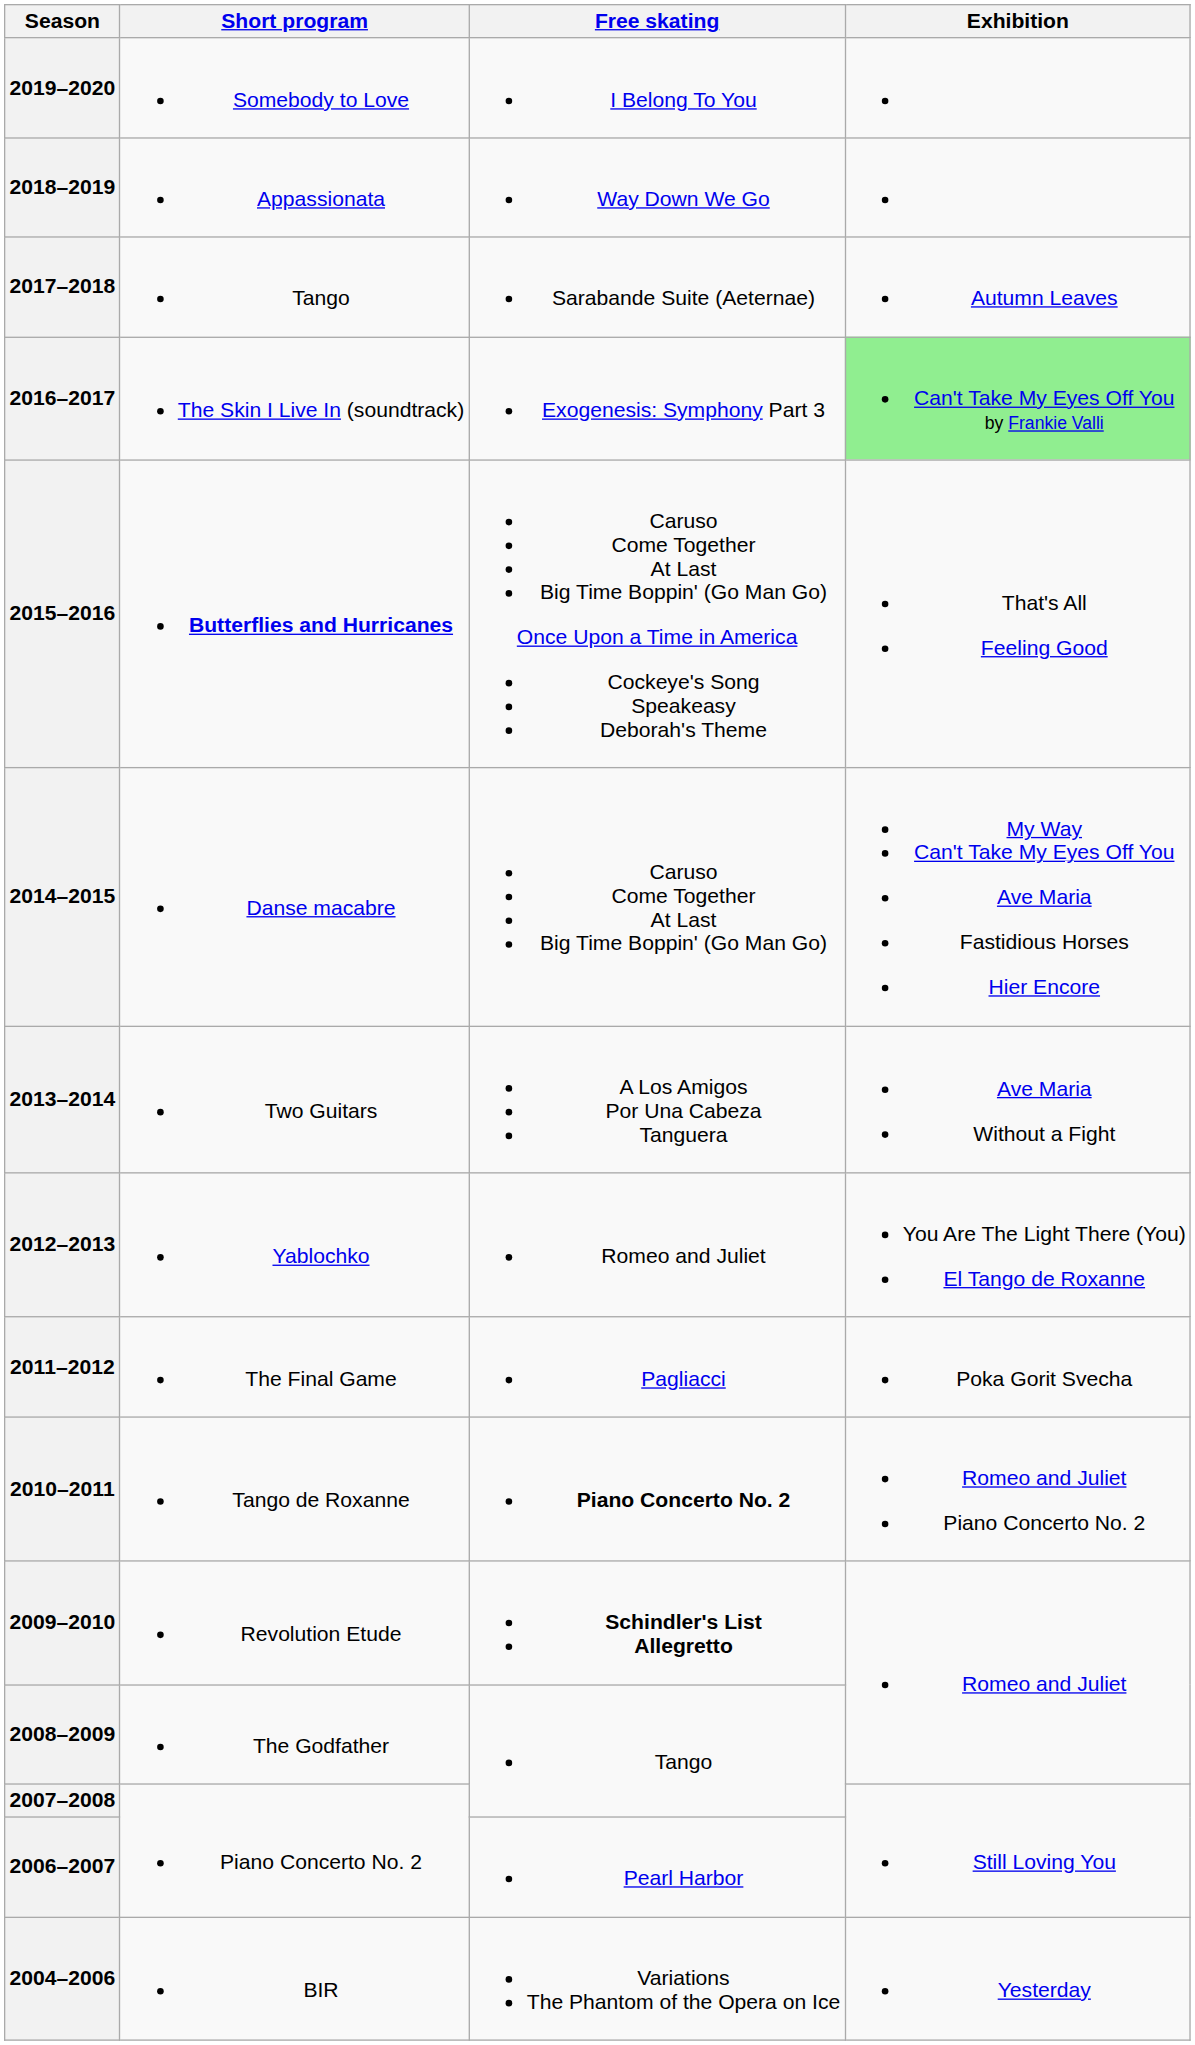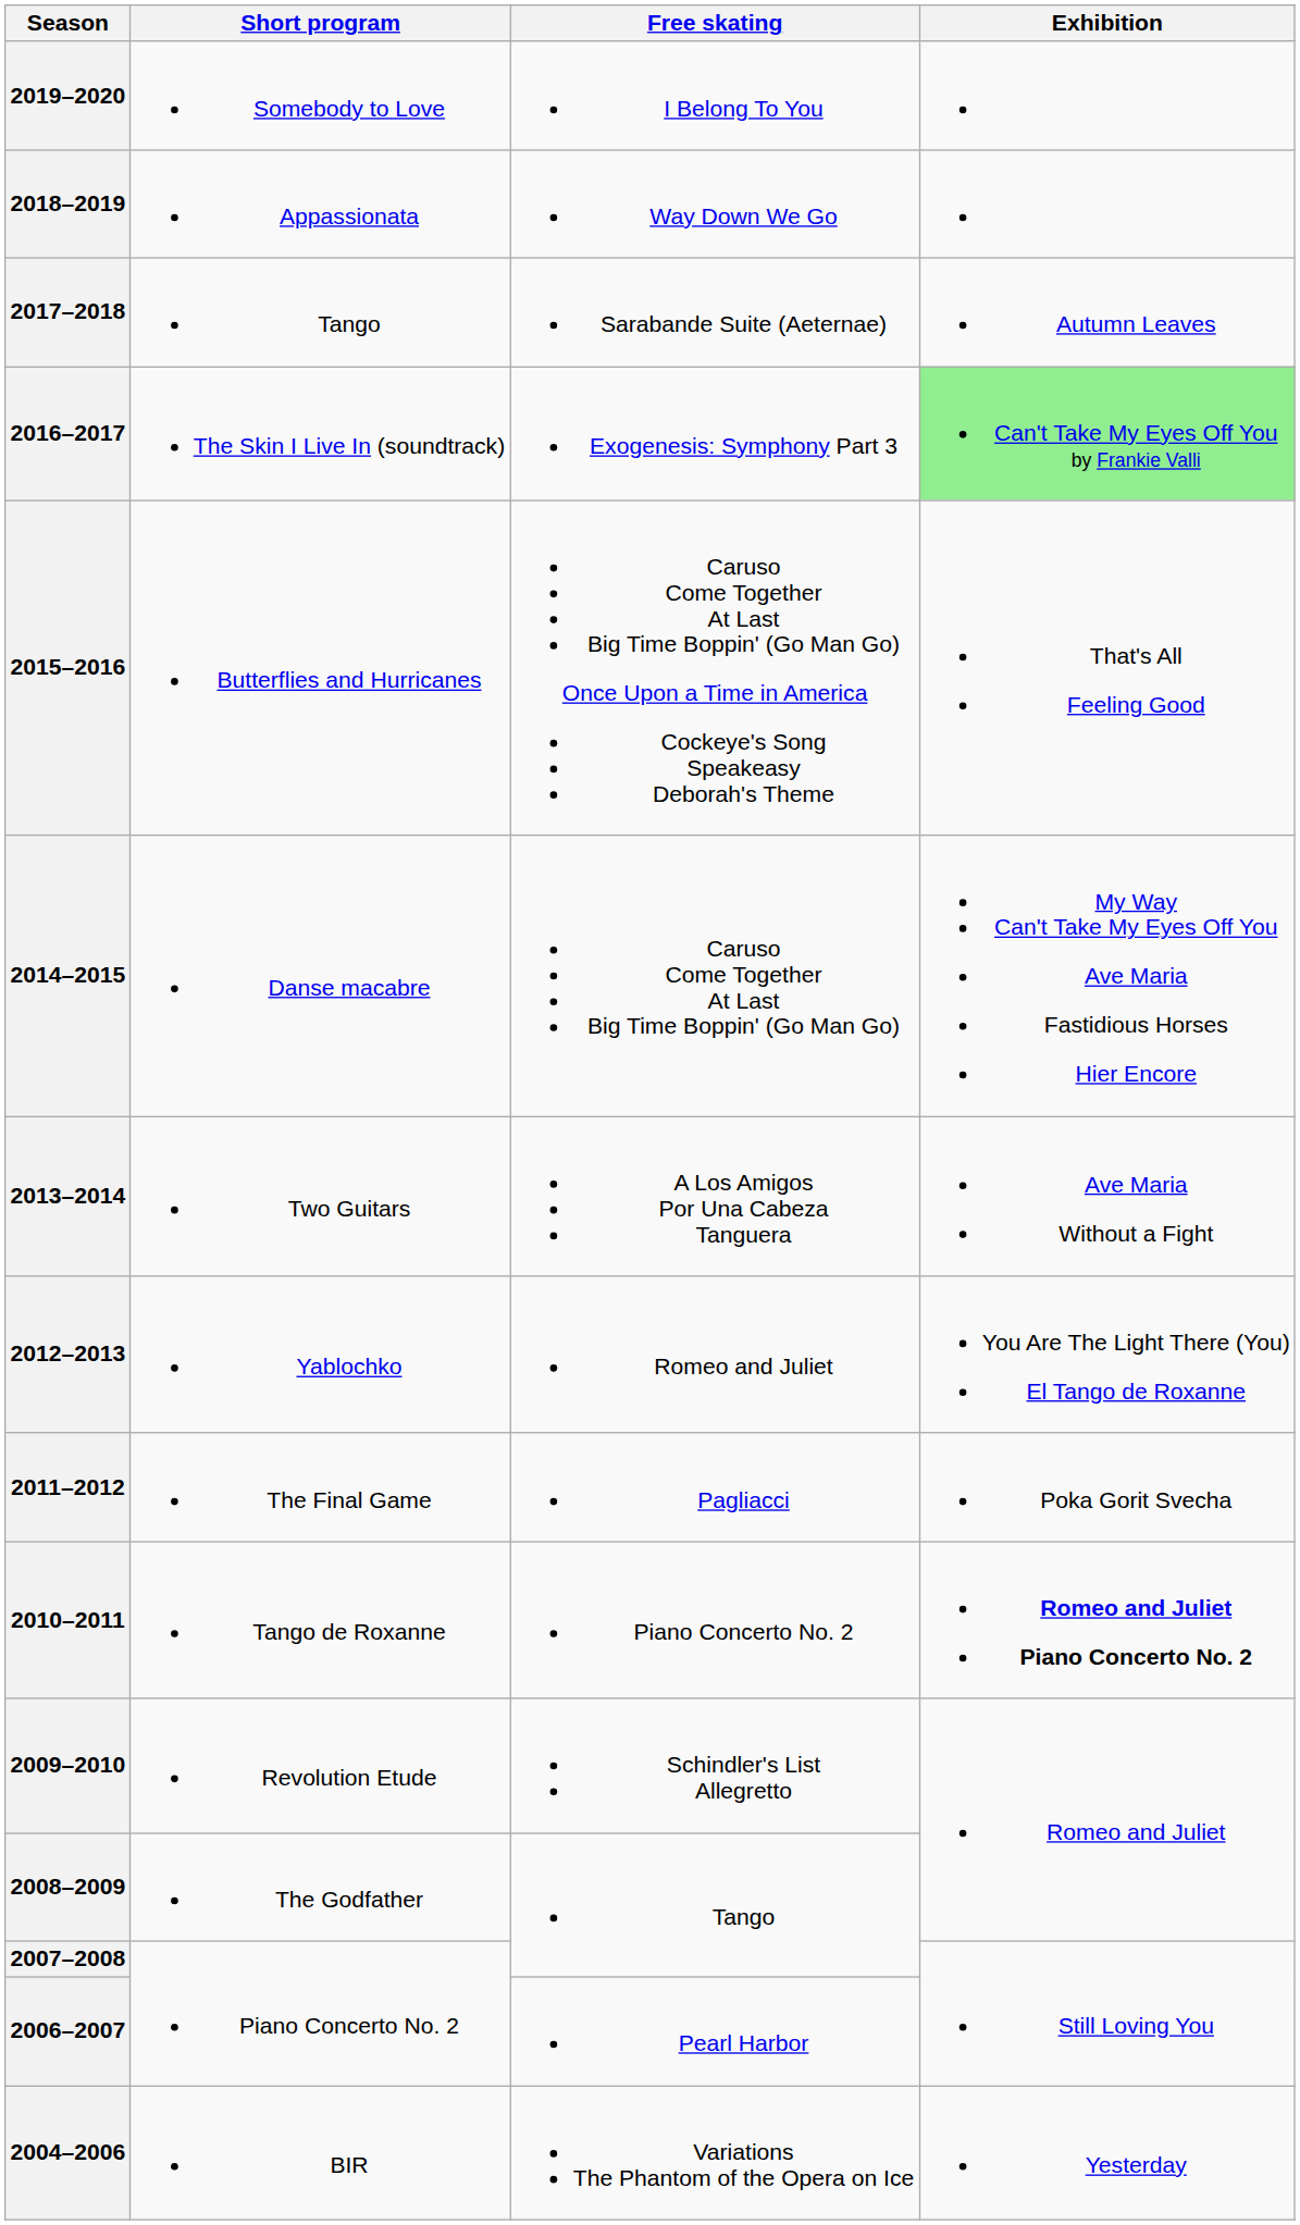 <table class="wikitable" style="text-align:center">
 <tr>
 <th>Season</th>
 <th><a href='#'>Short program</a></th>
 <th><a href='#'>Free skating</a></th>
 <th>Exhibition</th>
 </tr>
 <tr>
 <th>2019–2020 </th>
 <td><br><ul><li><a href='#'>Somebody to Love</a> <br> </li></ul></td>
 <td><br><ul><li><a href='#'>I Belong To You</a> <br> </li></ul></td>
 <td><br><ul><li></li></ul></td>
 </tr>
 <tr>
 <th>2018–2019 <br> </th>
 <td><br><ul><li><a href='#'>Appassionata</a> <br> </li></ul></td>
 <td><br><ul><li><a href='#'>Way Down We Go</a> <br> </li></ul></td>
 <td><br><ul><li></li></ul></td>
 </tr>
 <tr>
 <th>2017–2018 <br> </th>
 <td><br><ul><li>Tango <br> </li></ul></td>
 <td><br><ul><li>Sarabande Suite (Aeternae) <br> </li></ul></td>
 <td><br><ul><li><a href='#'>Autumn Leaves</a> <br> </li></ul></td>
 </tr>
 <tr>
 <th>2016–2017 <br> </th>
 <td><br><ul><li><a href='#'>The Skin I Live In</a> (soundtrack) <br> </li></ul></td>
 <td><br><ul><li><a href='#'>Exogenesis: Symphony</a> Part 3 <br> </li></ul></td>
 <td style="background: lightgreen;"><br><ul><li><a href='#'>Can't Take My Eyes Off You</a><br><small>by <a href='#'>Frankie Valli</a></small></li></ul></td>
 </tr>
 <tr>
 <th>2015–2016 <br> </th>
-<td><strong><br><ul><li><a href='#'>Butterflies and Hurricanes</a> <br></li></ul></strong></td>
+<td><br><ul><li><a href='#'>Butterflies and Hurricanes</a> <br></li></ul></td>
 <td><br><ul><li>Caruso <br></li><li>Come Together <br></li><li>At Last <br></li><li>Big Time Boppin' (Go Man Go) <br></li></ul><a href='#'>Once Upon a Time in America</a> <br><ul><li>Cockeye's Song</li><li>Speakeasy</li><li>Deborah's Theme <br> </li></ul></td>
 <td><br><ul><li>That's All <br></li></ul><ul><li><a href='#'>Feeling Good</a> <br></li></ul></td>
 </tr>
 <tr>
 <th>2014–2015 <br> </th>
 <td><br><ul><li><a href='#'>Danse macabre</a> <br></li></ul></td>
 <td><br><ul><li>Caruso <br></li><li>Come Together <br></li><li>At Last <br></li><li>Big Time Boppin' (Go Man Go) <br></li></ul></td>
 <td><br><ul><li><a href='#'>My Way</a></li><li><a href='#'>Can't Take My Eyes Off You</a> <br></li></ul><ul><li><a href='#'>Ave Maria</a> <br></li></ul><ul><li>Fastidious Horses <br></li></ul><ul><li><a href='#'>Hier Encore</a> <br></li></ul></td>
 </tr>
 <tr>
 <th>2013–2014 <br> </th>
 <td><br><ul><li>Two Guitars <br></li></ul></td>
 <td><br><ul><li>A Los Amigos <br></li><li>Por Una Cabeza <br></li><li>Tanguera <br></li></ul></td>
 <td><br><ul><li><a href='#'>Ave Maria</a> <br></li></ul><ul><li>Without a Fight <br></li></ul></td>
 </tr>
 <tr>
 <th>2012–2013 <br> </th>
 <td><br><ul><li><a href='#'>Yablochko</a> <br></li></ul></td>
 <td><br><ul><li>Romeo and Juliet <br></li></ul></td>
 <td><br><ul><li>You Are The Light There (You) <br></li></ul><ul><li><a href='#'>El Tango de Roxanne</a> <br></li></ul></td>
 </tr>
 <tr>
 <th>2011–2012 <br> </th>
 <td><br><ul><li>The Final Game <br></li></ul></td>
 <td><br><ul><li><a href='#'>Pagliacci</a> <br></li></ul></td>
 <td><br><ul><li>Poka Gorit Svecha <br></li></ul></td>
 </tr>
 <tr>
 <th>2010–2011 <br> </th>
 <td><br><ul><li>Tango de Roxanne <br></li></ul></td>
-<td><strong><br><ul><li>Piano Concerto No. 2 <br></li></ul></strong></td>
-<td><br><ul><li><a href='#'>Romeo and Juliet</a> <br></li></ul><ul><li>Piano Concerto No. 2 <br></li></ul></td>
+<td><br><ul><li>Piano Concerto No. 2 <br></li></ul></td>
+<td><strong><br><ul><li><a href='#'>Romeo and Juliet</a> <br></li></ul><ul><li>Piano Concerto No. 2 <br></li></ul></strong></td>
 </tr>
 <tr>
 <th>2009–2010 <br> </th>
 <td><br><ul><li>Revolution Etude <br></li></ul></td>
-<td><strong><br><ul><li>Schindler's List <br></li><li>Allegretto <br></li></ul></strong></td>
+<td><br><ul><li>Schindler's List <br></li><li>Allegretto <br></li></ul></td>
 <td rowspan=2><br><ul><li><a href='#'>Romeo and Juliet</a> <br></li></ul></td>
 </tr>
 <tr>
 <th>2008–2009 <br> </th>
 <td><br><ul><li>The Godfather <br></li></ul></td>
 <td rowspan=2><br><ul><li>Tango <br></li></ul></td>
 </tr>
 <tr>
 <th>2007–2008 <br> </th>
 <td rowspan=2><br><ul><li>Piano Concerto No. 2 <br></li></ul></td>
 <td rowspan=2><br><ul><li><a href='#'>Still Loving You</a> <br></li></ul></td>
 </tr>
 <tr>
 <th>2006–2007 <br> </th>
 <td><br><ul><li><a href='#'>Pearl Harbor</a> <br></li></ul></td>
 </tr>
 <tr>
 <th>2004–2006 <br> </th>
 <td><br><ul><li>BIR <br></li></ul></td>
 <td><br><ul><li>Variations <br></li><li>The Phantom of the Opera on Ice <br></li></ul></td>
 <td><br><ul><li><a href='#'>Yesterday</a> <br></li></ul></td>
 </tr>
 </table>
